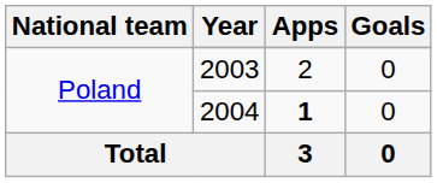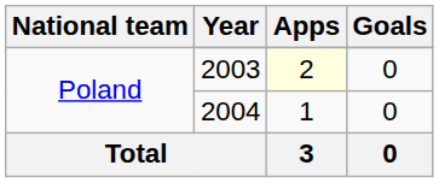 <table class="wikitable" style="text-align:center">
 <tr>
 <th>National team</th>
 <th>Year</th>
 <th>Apps</th>
 <th>Goals</th>
 </tr>
 <tr>
 <td rowspan=3><a href='#'>Poland</a></td>
 </tr>
 <tr>
 <td>2003</td>
-<td>2</td>
+<td style="background: lightyellow;">2</td>
 <td>0</td>
 </tr>
 <tr>
 <td>2004</td>
-<td><strong>1</strong></td>
+<td>1</td>
 <td>0</td>
 </tr>
 <tr>
 <th colspan="2">Total</th>
 <th>3</th>
 <th>0</th>
 </tr>
 </table>
